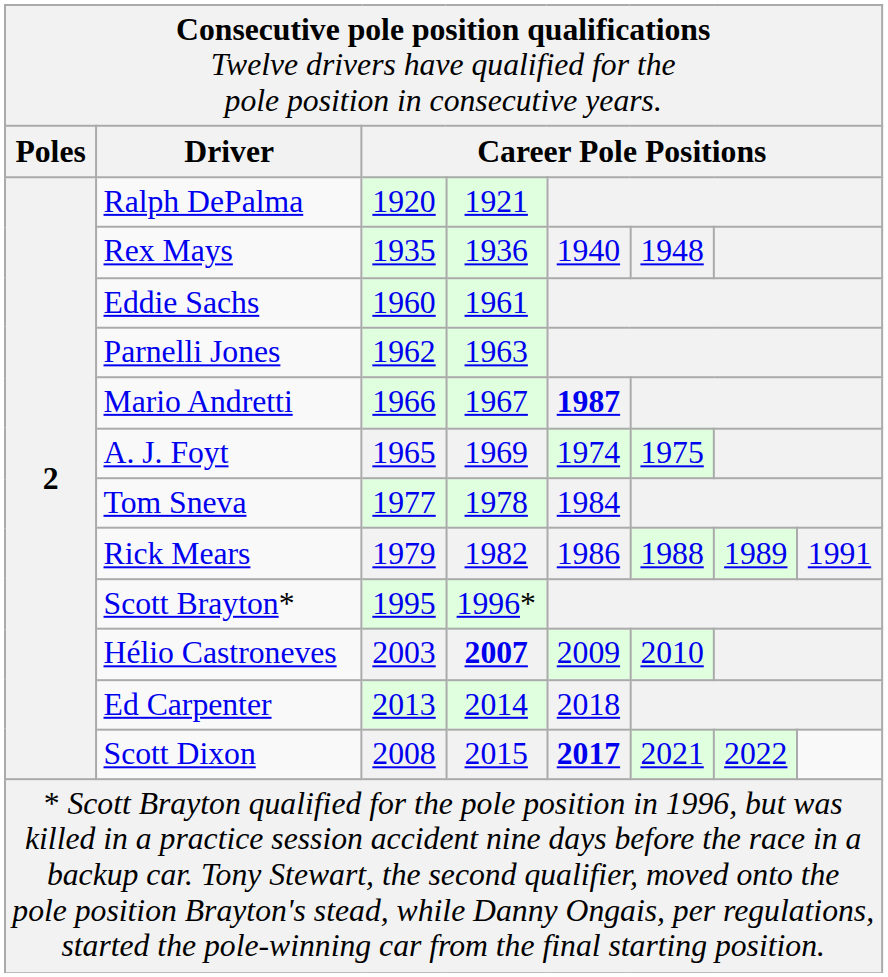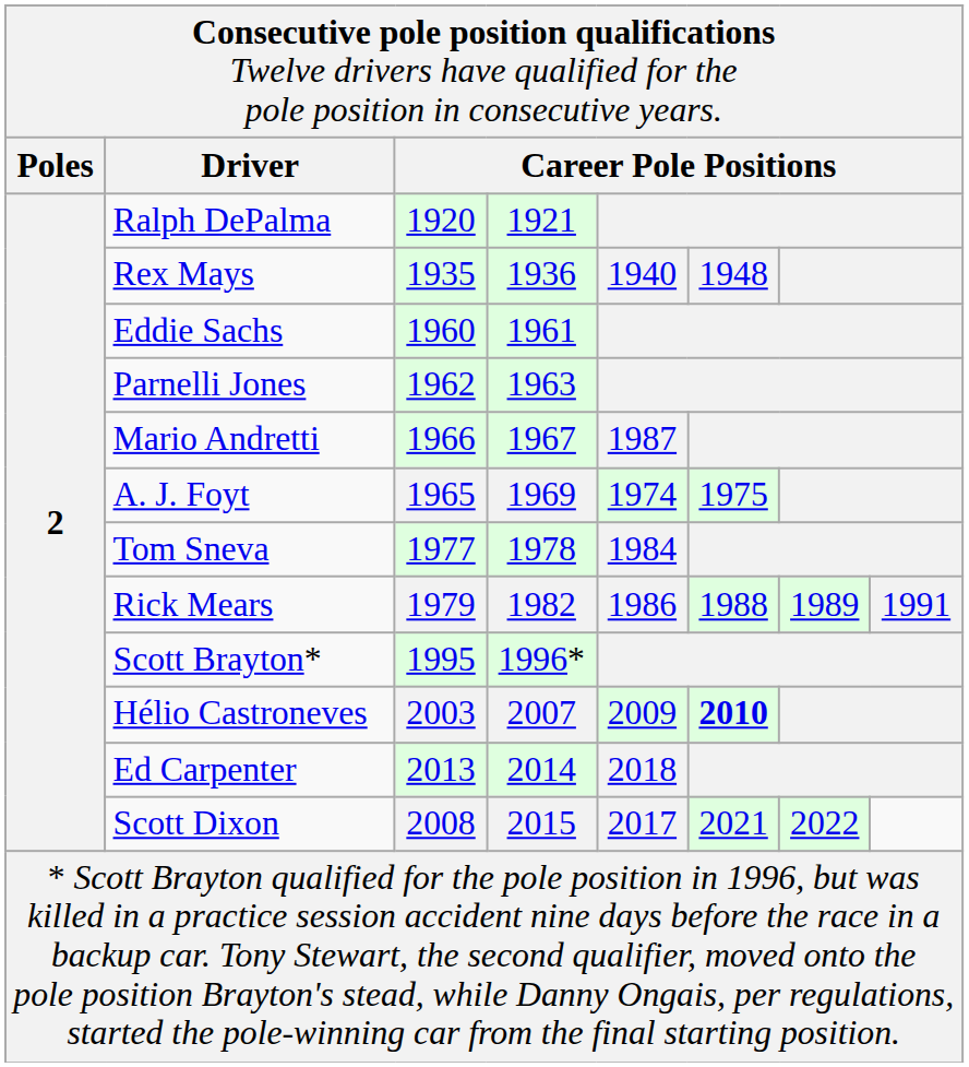 <table class="wikitable">
 <tr>
 <td style="background:#F2F2F2;" align="center" colspan="8"><strong>Consecutive pole position qualifications</strong><br><em>Twelve drivers have qualified for the<br>pole position in consecutive years.</em></td>
 </tr>
 <tr>
 <td style="background:#F2F2F2;" align="center"><strong>Poles</strong></td>
 <td style="background:#F2F2F2;" align="center"><strong>Driver</strong></td>
 <td style="background:#F2F2F2;" align="center" colspan="6"><strong>Career Pole Positions</strong></td>
 </tr>
 <tr>
 <td style="background:#F2F2F2;" align="center" rowspan="12"><strong>2</strong></td>
 <td> <a href='#'>Ralph DePalma</a></td>
 <td style="background:#DFFFDF;" align="center"><a href='#'>1920</a></td>
 <td style="background:#DFFFDF;" align="center"><a href='#'>1921</a></td>
 <td style="background:#F2F2F2;" align="center" colspan="4"> </td>
 </tr>
 <tr>
 <td> <a href='#'>Rex Mays</a></td>
 <td style="background:#DFFFDF;" align="center"><a href='#'>1935</a></td>
 <td style="background:#DFFFDF;" align="center"><a href='#'>1936</a></td>
 <td style="background:#F2F2F2;" align="center"><a href='#'>1940</a></td>
 <td style="background:#F2F2F2;" align="center"><a href='#'>1948</a></td>
 <td style="background:#F2F2F2;" align="center" colspan="2"> </td>
 </tr>
 <tr>
 <td> <a href='#'>Eddie Sachs</a></td>
 <td style="background:#DFFFDF;" align="center"><a href='#'>1960</a></td>
 <td style="background:#DFFFDF;" align="center"><a href='#'>1961</a></td>
 <td style="background:#F2F2F2;" align="center" colspan="4"> </td>
 </tr>
 <tr>
 <td> <a href='#'>Parnelli Jones</a></td>
 <td style="background:#DFFFDF;" align="center"><a href='#'>1962</a></td>
 <td style="background:#DFFFDF;" align="center"><a href='#'>1963</a></td>
 <td style="background:#F2F2F2;" align="center" colspan="4"> </td>
 </tr>
 <tr>
 <td> <a href='#'>Mario Andretti</a></td>
 <td style="background:#DFFFDF;" align="center"><a href='#'>1966</a></td>
 <td style="background:#DFFFDF;" align="center"><a href='#'>1967</a></td>
-<td style="background:#F2F2F2;" align="center"><strong><a href='#'>1987</a></strong></td>
+<td style="background:#F2F2F2;" align="center"><a href='#'>1987</a></td>
 <td style="background:#F2F2F2;" align="center" colspan="3"> </td>
 </tr>
 <tr>
 <td> <a href='#'>A. J. Foyt</a></td>
 <td style="background:#F2F2F2;" align="center"><a href='#'>1965</a></td>
 <td style="background:#F2F2F2;" align="center"><a href='#'>1969</a></td>
 <td style="background:#DFFFDF;" align="center"><a href='#'>1974</a></td>
 <td style="background:#DFFFDF;" align="center"><a href='#'>1975</a></td>
 <td style="background:#F2F2F2;" align="center" colspan="2"> </td>
 </tr>
 <tr>
 <td> <a href='#'>Tom Sneva</a></td>
 <td style="background:#DFFFDF;" align="center"><a href='#'>1977</a></td>
 <td style="background:#DFFFDF;" align="center"><a href='#'>1978</a></td>
 <td style="background:#F2F2F2;" align="center"><a href='#'>1984</a></td>
 <td style="background:#F2F2F2;" align="center" colspan="3"> </td>
 </tr>
 <tr>
 <td> <a href='#'>Rick Mears</a></td>
 <td style="background:#F2F2F2;" align="center"><a href='#'>1979</a></td>
 <td style="background:#F2F2F2;" align="center"><a href='#'>1982</a></td>
 <td style="background:#F2F2F2;" align="center"><a href='#'>1986</a></td>
 <td style="background:#DFFFDF;" align="center"><a href='#'>1988</a></td>
 <td style="background:#DFFFDF;" align="center"><a href='#'>1989</a></td>
 <td style="background:#F2F2F2;" align="center"><a href='#'>1991</a></td>
 </tr>
 <tr>
 <td> <a href='#'>Scott Brayton</a>*</td>
 <td style="background:#DFFFDF;" align="center"><a href='#'>1995</a></td>
 <td style="background:#DFFFDF;" align="center"><a href='#'>1996</a>*</td>
 <td style="background:#F2F2F2;" align="center" colspan="4"> </td>
 </tr>
 <tr>
 <td> <a href='#'>Hélio Castroneves</a></td>
 <td style="background:#F2F2F2;" align="center"><a href='#'>2003</a></td>
-<td style="background:#F2F2F2;" align="center"><strong><a href='#'>2007</a></strong></td>
+<td style="background:#F2F2F2;" align="center"><a href='#'>2007</a></td>
 <td style="background:#DFFFDF;" align="center"><a href='#'>2009</a></td>
-<td style="background:#DFFFDF;" align="center"><a href='#'>2010</a></td>
+<td style="background:#DFFFDF;" align="center"><strong><a href='#'>2010</a></strong></td>
 <td style="background:#F2F2F2;" align="center" colspan="2"> </td>
 </tr>
 <tr>
 <td> <a href='#'>Ed Carpenter</a></td>
 <td style="background:#DFFFDF;" align="center"><a href='#'>2013</a></td>
 <td style="background:#DFFFDF;" align="center"><a href='#'>2014</a></td>
 <td style="background:#F2F2F2;" align="center"><a href='#'>2018</a></td>
 <td style="background:#F2F2F2;" align="center" colspan="3"> </td>
 </tr>
 <tr>
 <td> <a href='#'>Scott Dixon</a></td>
 <td style="background:#F2F2F2;" align="center"><a href='#'>2008</a></td>
 <td style="background:#F2F2F2;" align="center"><a href='#'>2015</a></td>
-<td style="background:#F2F2F2;" align="center"><strong><a href='#'>2017</a></strong></td>
+<td style="background:#F2F2F2;" align="center"><a href='#'>2017</a></td>
 <td style="background:#DFFFDF;" align="center"><a href='#'>2021</a></td>
 <td style="background:#DFFFDF;" align="center"><a href='#'>2022</a></td>
 </tr>
 <tr>
 <td style="background:#F2F2F2;" align="center" colspan="8">*  <em>Scott Brayton qualified for the pole position in 1996, but was<br>killed in a practice session accident nine days before the race in a<br>backup car. Tony Stewart, the second qualifier, moved onto the<br>pole position Brayton's stead, while Danny Ongais, per regulations,<br>started the pole-winning car from the final starting position.</em></td>
 </tr>
 </table>
